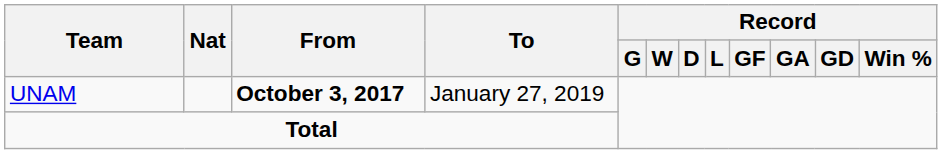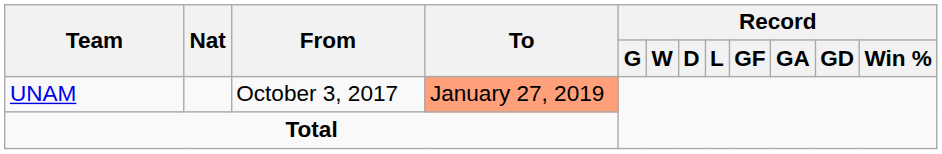 <table class="wikitable" style="text-align: center">
 <tr>
 <th rowspan="2" style="width:120px;">Team</th>
 <th rowspan="2" style="width:10px;">Nat</th>
 <th rowspan="2" style="width:130px;">From</th>
 <th rowspan="2" style="width:130px;">To</th>
 <th colspan="8">Record</th>
 </tr>
 <tr>
 <th>G</th>
 <th>W</th>
 <th>D</th>
 <th>L</th>
 <th>GF</th>
 <th>GA</th>
 <th>GD</th>
 <th>Win %</th>
 </tr>
 <tr>
 <td style="text-align:left;"><a href='#'>UNAM</a></td>
 <td></td>
-<td style="text-align:left;"><strong>October 3, 2017</strong></td>
-<td align="left">January 27, 2019<br></td>
+<td style="text-align:left;">October 3, 2017</td>
+<td align="left" style="background: lightsalmon;">January 27, 2019<br></td>
 </tr>
 <tr>
 <td colspan="4"><strong>Total</strong><br></td>
 </tr>
 </table>
